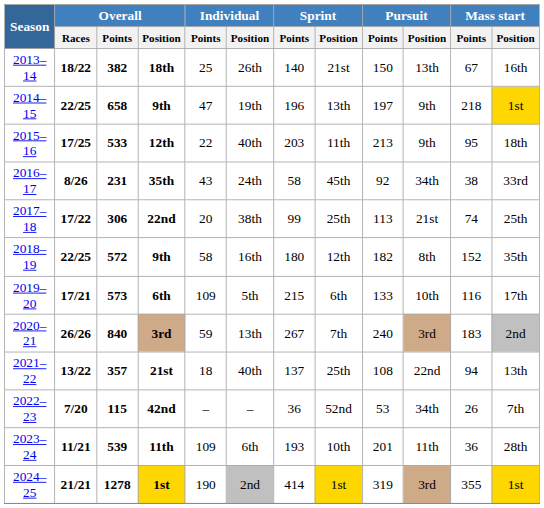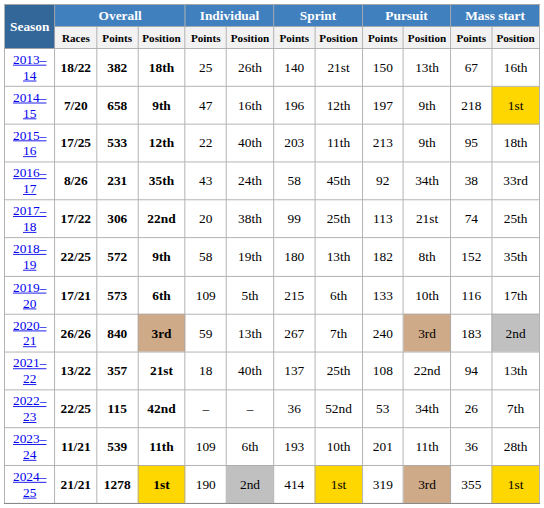 <table class="wikitable" style="font-size:95%; text-align:center; border:grey solid 1px; border-collapse:collapse; background:#ffffff;">
 <tr class="hintergrundfarbe5">
 </tr>
 <tr style="background:#efefef;">
 <th rowspan="2" style="background-color:#369; color:white; width:65px">Season</th>
 <th colspan="3" style="background-color:#4180be; color:white; width:115px;">Overall</th>
 <th colspan="2" style="background-color:#4180be; color:white; width:115px;">Individual</th>
 <th colspan="2" style="background-color:#4180be; color:white; width:115px;">Sprint</th>
 <th colspan="2" style="background-color:#4180be; color:white; width:115px;">Pursuit</th>
 <th colspan="2" style="background-color:#4180be; color:white; width:115px;">Mass start</th>
 </tr>
 <tr class="hintergrundfarbe5">
 <th style="width:55px;"><small>Races</small></th>
 <th style="width:55px;"><small>Points</small></th>
 <th style="width:55px;"><small>Position</small></th>
 <th style="width:55px;"><small>Points</small></th>
 <th style="width:55px;"><small>Position</small></th>
 <th style="width:55px;"><small>Points</small></th>
 <th style="width:55px;"><small>Position</small></th>
 <th style="width:55px;"><small>Points</small></th>
 <th style="width:55px;"><small>Position</small></th>
 <th style="width:55px;"><small>Points</small></th>
 <th style="width:55px;"><small>Position</small></th>
 </tr>
 <tr>
 <td><a href='#'>2013–14</a></td>
 <td><strong>18/22</strong></td>
 <td><strong>382</strong></td>
 <td><strong>18th</strong></td>
 <td>25</td>
 <td>26th</td>
 <td>140</td>
 <td>21st</td>
 <td>150</td>
 <td>13th</td>
 <td>67</td>
 <td>16th</td>
 </tr>
 <tr>
 <td><a href='#'>2014–15</a></td>
-<td><strong>22/25</strong></td>
+<td><strong>7/20</strong></td>
 <td><strong>658</strong></td>
 <td><strong>9th</strong></td>
 <td>47</td>
-<td>19th</td>
+<td>16th</td>
 <td>196</td>
-<td>13th</td>
+<td>12th</td>
 <td>197</td>
 <td>9th</td>
 <td>218</td>
 <td style=" background:gold">1st</td>
 </tr>
 <tr>
 <td><a href='#'>2015–16</a></td>
 <td><strong>17/25</strong></td>
 <td><strong>533</strong></td>
 <td><strong>12th</strong></td>
 <td>22</td>
 <td>40th</td>
 <td>203</td>
 <td>11th</td>
 <td>213</td>
 <td>9th</td>
 <td>95</td>
 <td>18th</td>
 </tr>
 <tr>
 <td><a href='#'>2016–17</a></td>
 <td><strong>8/26</strong></td>
 <td><strong>231</strong></td>
 <td><strong>35th</strong></td>
 <td>43</td>
 <td>24th</td>
 <td>58</td>
 <td>45th</td>
 <td>92</td>
 <td>34th</td>
 <td>38</td>
 <td>33rd</td>
 </tr>
 <tr>
 <td><a href='#'>2017–18</a></td>
 <td><strong>17/22</strong></td>
 <td><strong>306</strong></td>
 <td><strong>22nd</strong></td>
 <td>20</td>
 <td>38th</td>
 <td>99</td>
 <td>25th</td>
 <td>113</td>
 <td>21st</td>
 <td>74</td>
 <td>25th</td>
 </tr>
 <tr>
 <td><a href='#'>2018–19</a></td>
 <td><strong>22/25</strong></td>
 <td><strong>572</strong></td>
 <td><strong>9th</strong></td>
 <td>58</td>
-<td>16th</td>
+<td>19th</td>
 <td>180</td>
-<td>12th</td>
+<td>13th</td>
 <td>182</td>
 <td>8th</td>
 <td>152</td>
 <td>35th</td>
 </tr>
 <tr>
 <td><a href='#'>2019–20</a></td>
 <td><strong>17/21</strong></td>
 <td><strong>573</strong></td>
 <td><strong>6th</strong></td>
 <td>109</td>
 <td>5th</td>
 <td>215</td>
 <td>6th</td>
 <td>133</td>
 <td>10th</td>
 <td>116</td>
 <td>17th</td>
 </tr>
 <tr>
 <td><a href='#'>2020–21</a></td>
 <td><strong>26/26</strong></td>
 <td><strong>840</strong></td>
 <td style=" background:#cfaa88;"><strong>3rd</strong></td>
 <td>59</td>
 <td>13th</td>
 <td>267</td>
 <td>7th</td>
 <td>240</td>
 <td style=" background:#cfaa88;">3rd</td>
 <td>183</td>
 <td style=" background:silver">2nd</td>
 </tr>
 <tr>
 <td><a href='#'>2021–22</a></td>
 <td><strong>13/22</strong></td>
 <td><strong>357</strong></td>
 <td><strong>21st</strong></td>
 <td>18</td>
 <td>40th</td>
 <td>137</td>
 <td>25th</td>
 <td>108</td>
 <td>22nd</td>
 <td>94</td>
 <td>13th</td>
 </tr>
 <tr>
 <td><a href='#'>2022–23</a></td>
-<td><strong>7/20</strong></td>
+<td><strong>22/25</strong></td>
 <td><strong>115</strong></td>
 <td><strong>42nd</strong></td>
 <td>–</td>
 <td>–</td>
 <td>36</td>
 <td>52nd</td>
 <td>53</td>
 <td>34th</td>
 <td>26</td>
 <td>7th</td>
 </tr>
 <tr>
 <td><a href='#'>2023–24</a></td>
 <td><strong>11/21</strong></td>
 <td><strong>539</strong></td>
 <td><strong>11th</strong></td>
 <td>109</td>
 <td>6th</td>
 <td>193</td>
 <td>10th</td>
 <td>201</td>
 <td>11th</td>
 <td>36</td>
 <td>28th</td>
 </tr>
 <tr>
 <td><a href='#'>2024–25</a></td>
 <td><strong>21/21</strong></td>
 <td><strong>1278</strong></td>
 <td style=" background:gold"><strong>1st</strong></td>
 <td>190</td>
 <td style=" background:silver">2nd</td>
 <td>414</td>
 <td style=" background:gold">1st</td>
 <td>319</td>
 <td style=" background:#cfaa88;">3rd</td>
 <td>355</td>
 <td style=" background:gold">1st</td>
 </tr>
 <tr>
 </tr>
 </table>
